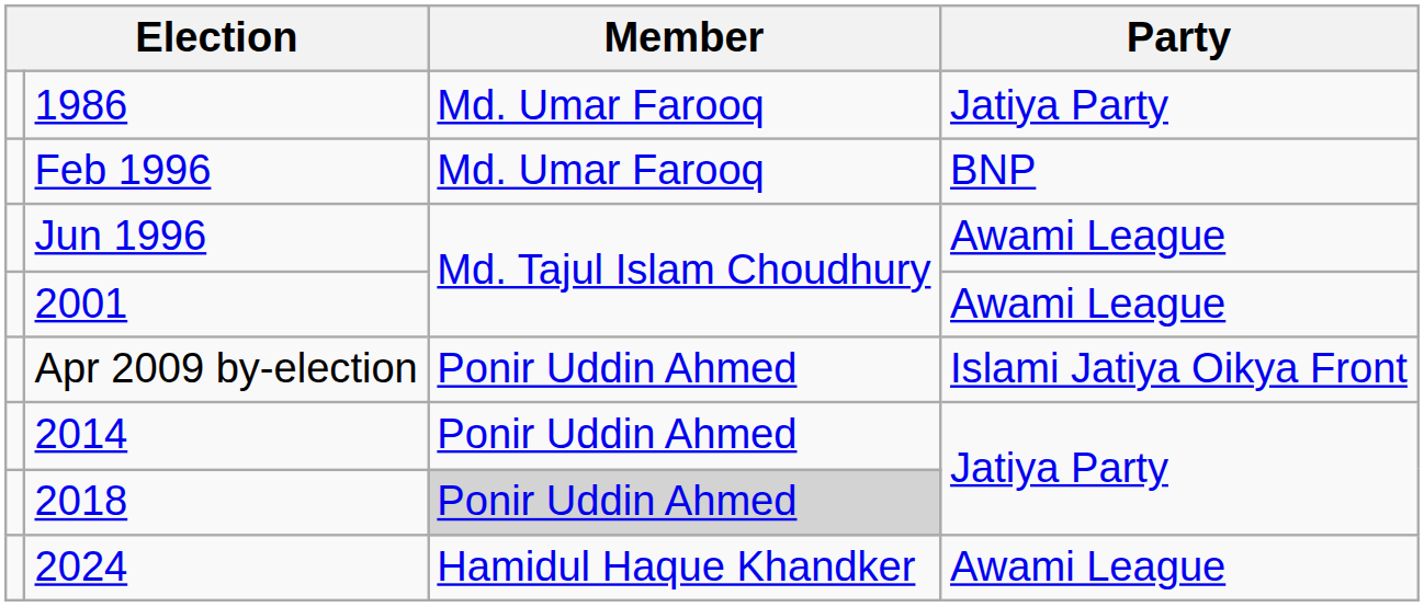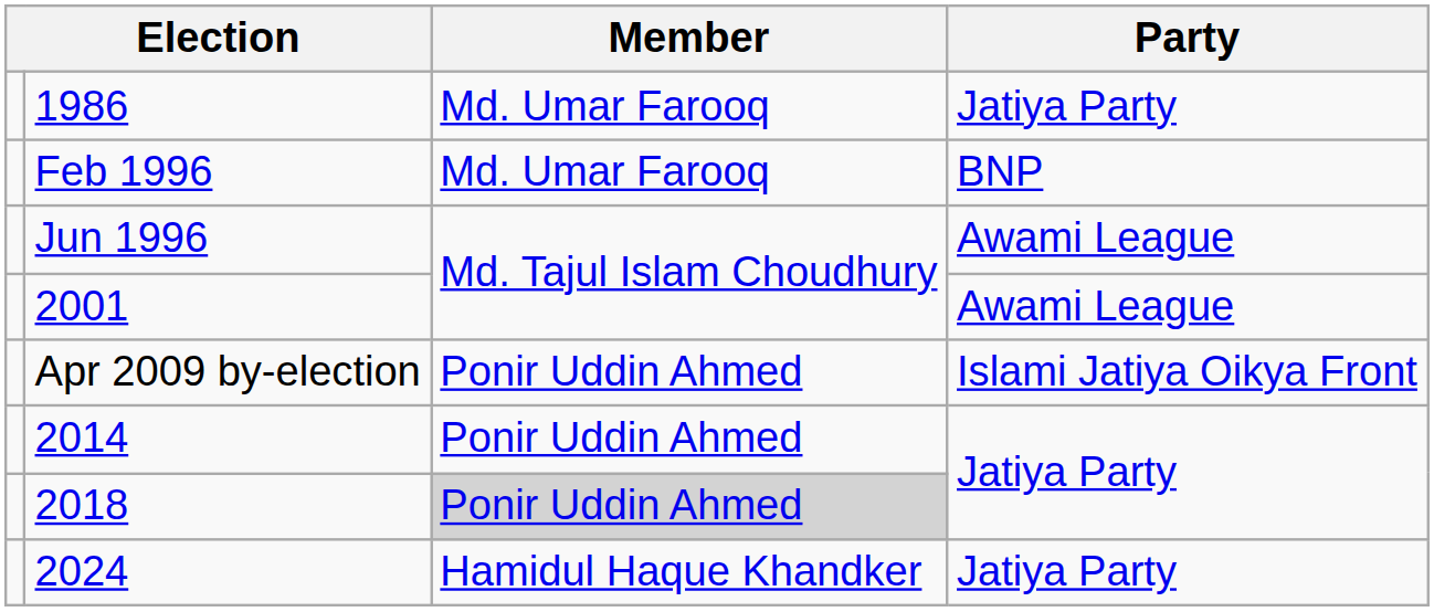 <table class="wikitable">
 <tr>
 <th colspan="2">Election</th>
 <th>Member</th>
 <th>Party</th>
 </tr>
 <tr>
 <td style="background-color:"></td>
 <td><a href='#'>1986</a></td>
 <td><a href='#'>Md. Umar Farooq</a></td>
 <td><a href='#'>Jatiya Party</a></td>
 </tr>
 <tr>
 <td style="background-color:"></td>
 <td><a href='#'>Feb 1996</a></td>
 <td><a href='#'>Md. Umar Farooq</a></td>
 <td><a href='#'>BNP</a></td>
 </tr>
 <tr>
 <td style="background-color:"></td>
 <td><a href='#'>Jun 1996</a></td>
 <td rowspan="2"><a href='#'>Md. Tajul Islam Choudhury</a></td>
 <td><a href='#'>Awami League</a></td>
 </tr>
 <tr>
 <td style="background-color:"></td>
 <td><a href='#'>2001</a></td>
 <td><a href='#'>Awami League</a></td>
 </tr>
 <tr>
 <td style="background-color:"></td>
 <td>Apr 2009 by-election</td>
 <td><a href='#'>Ponir Uddin Ahmed</a></td>
 <td><a href='#'>Islami Jatiya Oikya Front</a></td>
 </tr>
 <tr>
 <td style="background-color:"></td>
 <td><a href='#'>2014</a></td>
 <td><a href='#'>Ponir Uddin Ahmed</a></td>
 <td rowspan="2"><a href='#'>Jatiya Party</a></td>
 </tr>
 <tr>
 <td style="background-color:"></td>
 <td><a href='#'>2018</a></td>
 <td style="background: lightgrey;"><a href='#'>Ponir Uddin Ahmed</a></td>
 </tr>
 <tr>
 <td style="background-color:"></td>
 <td><a href='#'>2024</a></td>
 <td><a href='#'>Hamidul Haque Khandker</a></td>
-<td><a href='#'>Awami League</a></td>
+<td><a href='#'>Jatiya Party</a></td>
 </tr>
 </table>
